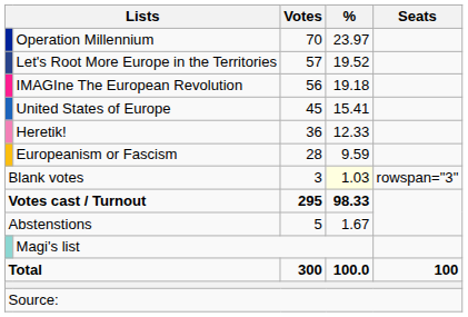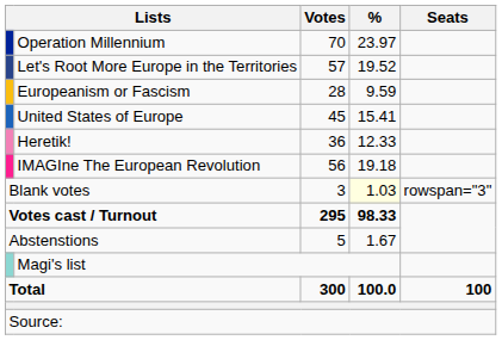 <table class="wikitable" style="text-align:right; font-size:90%;">
 <tr>
 <th colspan="2" width="100">Lists</th>
 <th width="30">Votes</th>
 <th width="40">%</th>
 <th width="60">Seats</th>
 </tr>
 <tr>
 <td width="1" bgcolor=#002299></td>
 <td align="left">Operation Millennium</td>
 <td>70</td>
 <td>23.97</td>
 <td></td>
 </tr>
 <tr>
 <td width="1" bgcolor=#29448A></td>
 <td align="left">Let's Root More Europe in the Territories</td>
 <td>57</td>
 <td>19.52</td>
 <td></td>
 </tr>
 <tr>
-<td width="1" bgcolor=#FE1E90></td>
-<td align="left">IMAGIne The European Revolution</td>
-<td>56</td>
-<td>19.18</td>
+<td width="1" bgcolor=#FBBE10></td>
+<td align="left">Europeanism or Fascism</td>
+<td>28</td>
+<td>9.59</td>
 <td></td>
 </tr>
 <tr>
 <td width="1" bgcolor=#1C64BB></td>
 <td align="left">United States of Europe</td>
 <td>45</td>
 <td>15.41</td>
 <td></td>
 </tr>
 <tr>
 <td width="1" bgcolor=#F381B7></td>
 <td align="left">Heretik!</td>
 <td>36</td>
 <td>12.33</td>
 <td></td>
 </tr>
 <tr>
-<td width="1" bgcolor=#FBBE10></td>
-<td align="left">Europeanism or Fascism</td>
-<td>28</td>
-<td>9.59</td>
+<td width="1" bgcolor=#FE1E90></td>
+<td align="left">IMAGIne The European Revolution</td>
+<td>56</td>
+<td>19.18</td>
 <td></td>
 </tr>
 <tr>
 <td colspan="2" align=left>Blank votes</td>
 <td>3</td>
 <td style="background: lightyellow;">1.03</td>
 <td>rowspan="3"  </td>
 </tr>
 <tr style="font-weight:bold;">
 <td colspan="2" align=left>Votes cast / Turnout</td>
 <td>295</td>
 <td>98.33</td>
 </tr>
 <tr>
 <td colspan="2" align=left>Abstenstions</td>
 <td>5</td>
 <td>1.67</td>
 </tr>
 <tr>
 <td width="1" bgcolor=#8BD7D2></td>
 <td colspan="3" align="left">Magi's list</td>
 <td></td>
 </tr>
 <tr style="font-weight:bold;">
 <td align="left" colspan="2">Total</td>
 <td>300</td>
 <td>100.0</td>
 <td>100</td>
 </tr>
 <tr>
 <th colspan="5"></th>
 </tr>
 <tr>
 <td colspan="5" align="left">Source: </td>
 </tr>
 </table>
